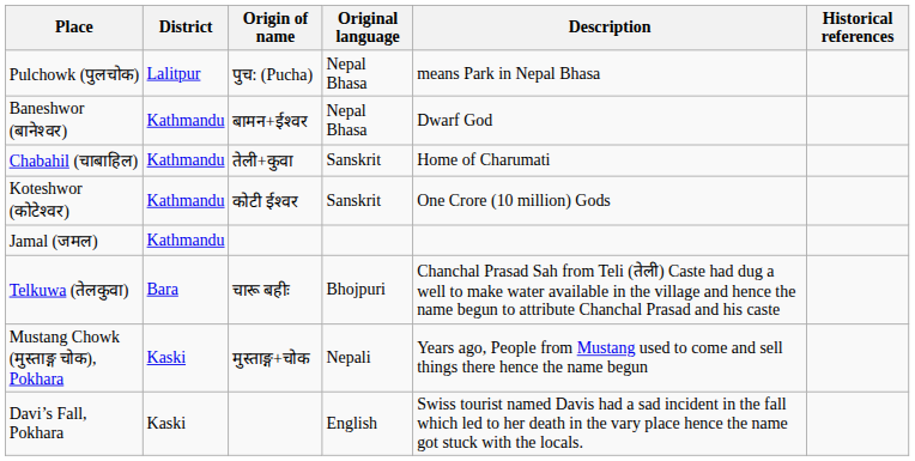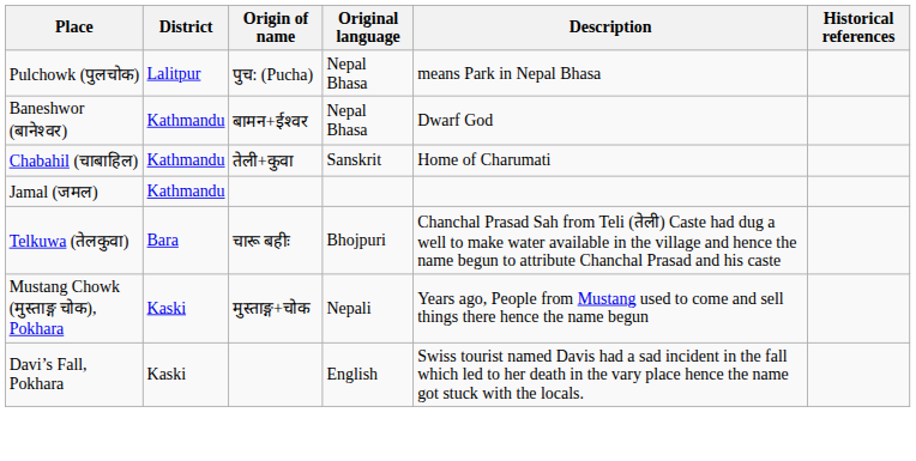 <table class="wikitable sortable">
 <tr>
 <th>Place</th>
 <th>District</th>
 <th>Origin of name</th>
 <th>Original language</th>
 <th>Description</th>
 <th>Historical references</th>
 </tr>
 <tr>
 <td>Pulchowk (पुलचोक)</td>
 <td><a href='#'>Lalitpur</a></td>
 <td>पुच: (Pucha)</td>
 <td>Nepal Bhasa</td>
 <td>means Park in Nepal Bhasa</td>
 <td></td>
 </tr>
 <tr>
 <td>Baneshwor (बानेश्वर)</td>
 <td><a href='#'>Kathmandu</a></td>
 <td>बामन‌+ईश्वर</td>
 <td>Nepal Bhasa</td>
 <td>Dwarf God</td>
 <td></td>
 </tr>
 <tr>
 <td><a href='#'>Chabahil</a> (चाबाहिल)</td>
 <td><a href='#'>Kathmandu</a></td>
 <td>तेल‌ी+कुवा</td>
 <td>Sanskrit</td>
 <td>Home of Charumati</td>
-<td></td>
-</tr>
-<tr>
-<td>Koteshwor (कोटेश्वर)</td>
-<td><a href='#'>Kathmandu</a></td>
-<td>कोटी ईश्वर</td>
-<td>Sanskrit</td>
-<td>One Crore (10 million) Gods</td>
 <td></td>
 </tr>
 <tr>
 <td>Jamal (जमल)</td>
 <td><a href='#'>Kathmandu</a></td>
 <td></td>
 <td></td>
 <td></td>
 <td></td>
 </tr>
 <tr>
 <td><a href='#'>Telkuwa</a> (तेलकुवा)</td>
 <td><a href='#'>Bara</a></td>
 <td>चारू बहीः</td>
 <td>Bhojpuri</td>
 <td>Chanchal Prasad Sah from Teli (तेली) Caste had dug a well to make water available in the village and hence the name begun to attribute Chanchal Prasad and his caste</td>
 <td></td>
 </tr>
 <tr>
 <td>Mustang Chowk (मुस्ताङ्ग चोक), <a href='#'>Pokhara</a></td>
 <td><a href='#'>Kaski</a></td>
 <td>मुस्ताङ्ग+चोक</td>
 <td>Nepali</td>
 <td>Years ago, People from <a href='#'>Mustang</a> used to come and sell things there hence the name begun</td>
 <td></td>
 </tr>
 <tr>
 <td>Davi’s Fall, Pokhara</td>
 <td>Kaski</td>
 <td></td>
 <td>English</td>
 <td>Swiss tourist named Davis had a sad incident in the fall which led to her death in the vary place hence the name got stuck with the locals.</td>
 <td></td>
 </tr>
 </table>
